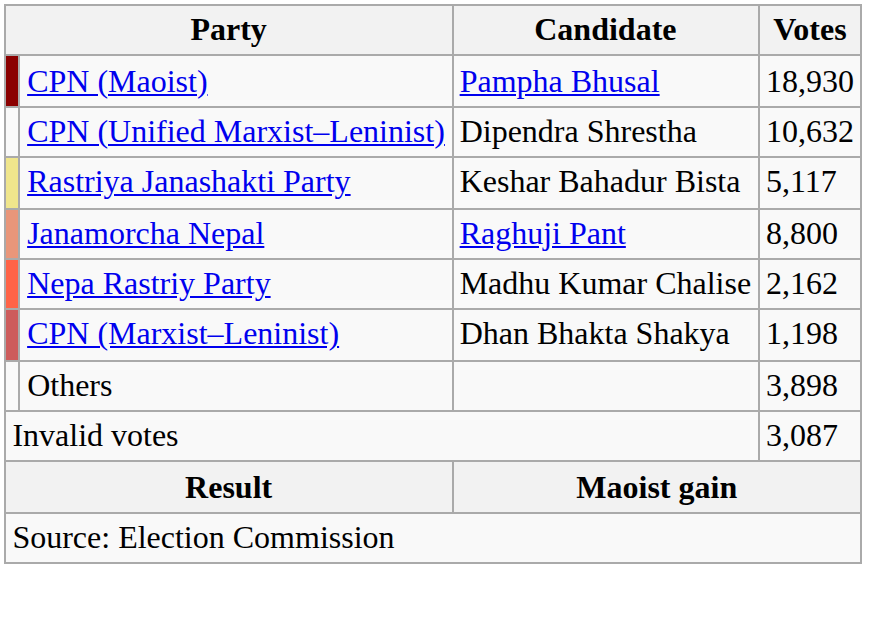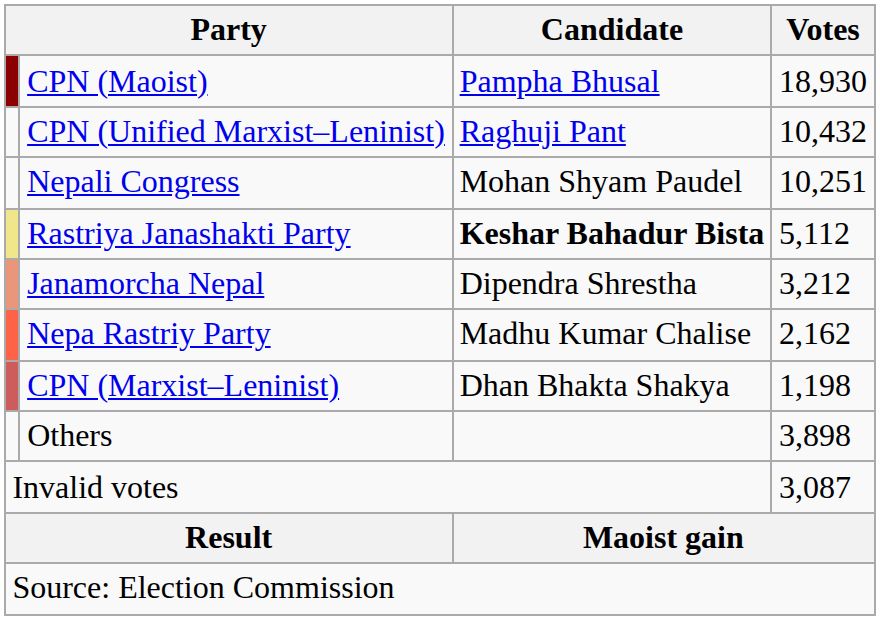 <table class="wikitable">
 <tr>
 <th colspan="2">Party</th>
 <th>Candidate</th>
 <th>Votes</th>
 </tr>
 <tr>
 <td style="background-color:darkred"></td>
 <td><a href='#'>CPN (Maoist)</a></td>
 <td><a href='#'>Pampha Bhusal</a></td>
 <td>18,930</td>
 </tr>
 <tr>
 <td style="background-color:"></td>
 <td><a href='#'>CPN (Unified Marxist–Leninist)</a></td>
-<td>Dipendra Shrestha</td>
-<td>10,632</td>
+<td><a href='#'>Raghuji Pant</a></td>
+<td>10,432</td>
+</tr>
+<tr>
+<td style="background-color:"></td>
+<td><a href='#'>Nepali Congress</a></td>
+<td>Mohan Shyam Paudel</td>
+<td>10,251</td>
 </tr>
 <tr>
 <td style="background-color:khaki"></td>
 <td><a href='#'>Rastriya Janashakti Party</a></td>
-<td>Keshar Bahadur Bista</td>
-<td>5,117</td>
+<td><strong>Keshar Bahadur Bista</strong></td>
+<td>5,112</td>
 </tr>
 <tr>
 <td style="background-color:darksalmon"></td>
 <td><a href='#'>Janamorcha Nepal</a></td>
-<td><a href='#'>Raghuji Pant</a></td>
-<td>8,800</td>
+<td>Dipendra Shrestha</td>
+<td>3,212</td>
 </tr>
 <tr>
 <td style="background-color:tomato"></td>
 <td><a href='#'>Nepa Rastriy Party</a></td>
 <td>Madhu Kumar Chalise</td>
 <td>2,162</td>
 </tr>
 <tr>
 <td style="background-color:indianred"></td>
 <td><a href='#'>CPN (Marxist–Leninist)</a></td>
 <td>Dhan Bhakta Shakya</td>
 <td>1,198</td>
 </tr>
 <tr>
 <td></td>
 <td>Others</td>
 <td></td>
 <td>3,898</td>
 </tr>
 <tr>
 <td colspan="3">Invalid votes</td>
 <td>3,087</td>
 </tr>
 <tr>
 <th colspan="2">Result</th>
 <th colspan="2">Maoist gain</th>
 </tr>
 <tr>
 <td colspan="4">Source: Election Commission</td>
 </tr>
 </table>
